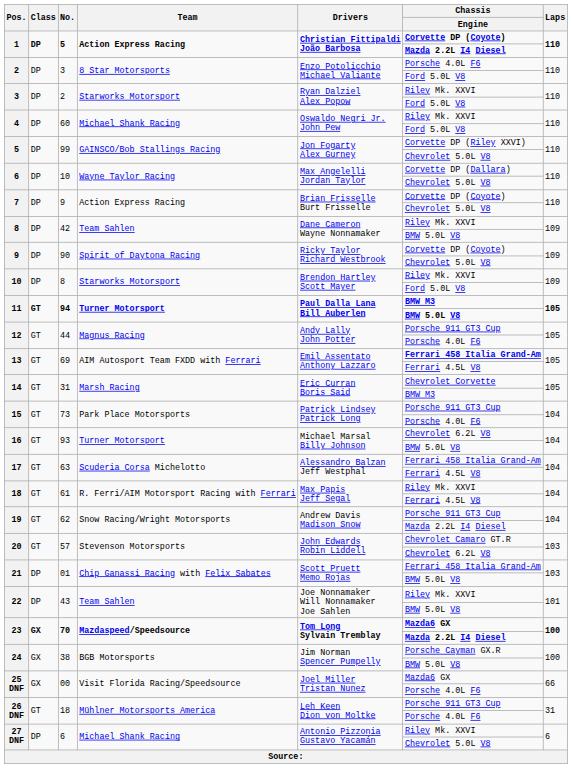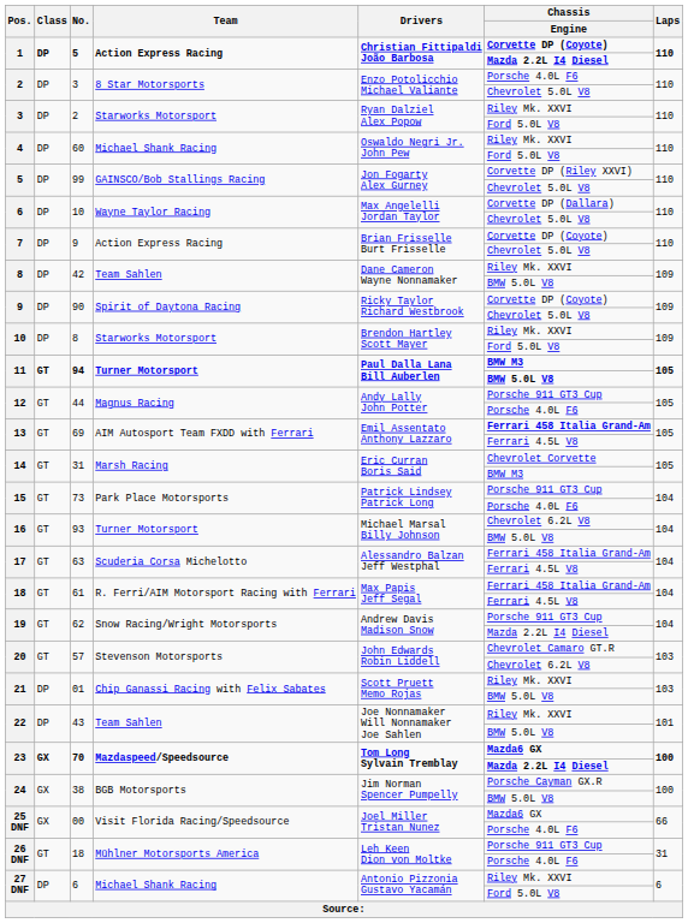 <table class="wikitable" style="font-size: 85%;">
 <tr>
 <th rowspan="2">Pos.</th>
 <th rowspan="2">Class</th>
 <th rowspan="2">No.</th>
 <th rowspan="2">Team</th>
 <th rowspan="2">Drivers</th>
 <th>Chassis</th>
 <th rowspan="2">Laps</th>
 </tr>
 <tr>
 <th>Engine</th>
 </tr>
 <tr>
 <th rowspan="2">1</th>
 <td rowspan="2"><strong>DP</strong></td>
 <td rowspan="2"><strong>5</strong></td>
 <td rowspan="2"><strong> Action Express Racing</strong></td>
 <td rowspan="2"><strong> <a href='#'>Christian Fittipaldi</a><br> <a href='#'>João Barbosa</a></strong></td>
 <td><strong><a href='#'>Corvette</a> DP (<a href='#'>Coyote</a>)</strong></td>
 <td rowspan="2"><strong>110</strong></td>
 </tr>
 <tr>
 <td><strong><a href='#'>Mazda</a> 2.2L <a href='#'>I4</a> <a href='#'>Diesel</a></strong></td>
 </tr>
 <tr>
 <th rowspan="2">2</th>
 <td rowspan="2">DP</td>
 <td rowspan="2">3</td>
 <td rowspan="2"> <a href='#'>8 Star Motorsports</a></td>
 <td rowspan="2"> <a href='#'>Enzo Potolicchio</a><br> <a href='#'>Michael Valiante</a></td>
 <td><a href='#'>Porsche</a> 4.0L <a href='#'>F6</a></td>
 <td rowspan="2">110</td>
 </tr>
 <tr>
-<td><a href='#'>Ford</a> 5.0L <a href='#'>V8</a></td>
+<td><a href='#'>Chevrolet</a> 5.0L <a href='#'>V8</a></td>
 </tr>
 <tr>
 <th rowspan="2">3</th>
 <td rowspan="2">DP</td>
 <td rowspan="2">2</td>
 <td rowspan="2"> <a href='#'>Starworks Motorsport</a></td>
 <td rowspan="2"> <a href='#'>Ryan Dalziel</a><br> <a href='#'>Alex Popow</a></td>
 <td><a href='#'>Riley</a> Mk. XXVI</td>
 <td rowspan="2">110</td>
 </tr>
 <tr>
 <td><a href='#'>Ford</a> 5.0L <a href='#'>V8</a></td>
 </tr>
 <tr>
 <th rowspan="2">4</th>
 <td rowspan="2">DP</td>
 <td rowspan="2">60</td>
 <td rowspan="2"> <a href='#'>Michael Shank Racing</a></td>
 <td rowspan="2"> <a href='#'>Oswaldo Negri Jr.</a><br> <a href='#'>John Pew</a></td>
 <td><a href='#'>Riley</a> Mk. XXVI</td>
 <td rowspan="2">110</td>
 </tr>
 <tr>
 <td><a href='#'>Ford</a> 5.0L <a href='#'>V8</a></td>
 </tr>
 <tr>
 <th rowspan="2">5</th>
 <td rowspan="2">DP</td>
 <td rowspan="2">99</td>
 <td rowspan="2"> <a href='#'>GAINSCO/Bob Stallings Racing</a></td>
 <td rowspan="2"> <a href='#'>Jon Fogarty</a><br> <a href='#'>Alex Gurney</a></td>
 <td><a href='#'>Corvette</a> DP (<a href='#'>Riley</a> XXVI)</td>
 <td rowspan="2">110</td>
 </tr>
 <tr>
 <td><a href='#'>Chevrolet</a> 5.0L <a href='#'>V8</a></td>
 </tr>
 <tr>
 <th rowspan="2">6</th>
 <td rowspan="2">DP</td>
 <td rowspan="2">10</td>
 <td rowspan="2"> <a href='#'>Wayne Taylor Racing</a></td>
 <td rowspan="2"> <a href='#'>Max Angelelli</a><br> <a href='#'>Jordan Taylor</a></td>
 <td><a href='#'>Corvette</a> DP (<a href='#'>Dallara</a>)</td>
 <td rowspan="2">110</td>
 </tr>
 <tr>
 <td><a href='#'>Chevrolet</a> 5.0L <a href='#'>V8</a></td>
 </tr>
 <tr>
 <th rowspan="2">7</th>
 <td rowspan="2">DP</td>
 <td rowspan="2">9</td>
 <td rowspan="2"> Action Express Racing</td>
 <td rowspan="2"> <a href='#'>Brian Frisselle</a><br> Burt Frisselle</td>
 <td><a href='#'>Corvette</a> DP (<a href='#'>Coyote</a>)</td>
 <td rowspan="2">110</td>
 </tr>
 <tr>
 <td><a href='#'>Chevrolet</a> 5.0L <a href='#'>V8</a></td>
 </tr>
 <tr>
 <th rowspan="2">8</th>
 <td rowspan="2">DP</td>
 <td rowspan="2">42</td>
 <td rowspan="2"> <a href='#'>Team Sahlen</a></td>
 <td rowspan="2"> <a href='#'>Dane Cameron</a><br> Wayne Nonnamaker</td>
 <td><a href='#'>Riley</a> Mk. XXVI</td>
 <td rowspan="2">109</td>
 </tr>
 <tr>
 <td><a href='#'>BMW</a> 5.0L <a href='#'>V8</a></td>
 </tr>
 <tr>
 <th rowspan="2">9</th>
 <td rowspan="2">DP</td>
 <td rowspan="2">90</td>
 <td rowspan="2"> <a href='#'>Spirit of Daytona Racing</a></td>
 <td rowspan="2"> <a href='#'>Ricky Taylor</a><br> <a href='#'>Richard Westbrook</a></td>
 <td><a href='#'>Corvette</a> DP (<a href='#'>Coyote</a>)</td>
 <td rowspan="2">109</td>
 </tr>
 <tr>
 <td><a href='#'>Chevrolet</a> 5.0L <a href='#'>V8</a></td>
 </tr>
 <tr>
 <th rowspan="2">10</th>
 <td rowspan="2">DP</td>
 <td rowspan="2">8</td>
 <td rowspan="2"> <a href='#'>Starworks Motorsport</a></td>
 <td rowspan="2"> <a href='#'>Brendon Hartley</a><br> <a href='#'>Scott Mayer</a></td>
 <td><a href='#'>Riley</a> Mk. XXVI</td>
 <td rowspan="2">109</td>
 </tr>
 <tr>
 <td><a href='#'>Ford</a> 5.0L <a href='#'>V8</a></td>
 </tr>
 <tr>
 <th rowspan="2">11</th>
 <td rowspan="2"><strong>GT</strong></td>
 <td rowspan="2"><strong>94</strong></td>
 <td rowspan="2"><strong> <a href='#'>Turner Motorsport</a></strong></td>
 <td rowspan="2"><strong> <a href='#'>Paul Dalla Lana</a><br> <a href='#'>Bill Auberlen</a></strong></td>
 <td><strong><a href='#'>BMW M3</a></strong></td>
 <td rowspan="2"><strong>105</strong></td>
 </tr>
 <tr>
 <td><strong><a href='#'>BMW</a> 5.0L <a href='#'>V8</a></strong></td>
 </tr>
 <tr>
 <th rowspan="2">12</th>
 <td rowspan="2">GT</td>
 <td rowspan="2">44</td>
 <td rowspan="2"> <a href='#'>Magnus Racing</a></td>
 <td rowspan="2"> <a href='#'>Andy Lally</a><br> <a href='#'>John Potter</a></td>
 <td><a href='#'>Porsche 911 GT3 Cup</a></td>
 <td rowspan="2">105</td>
 </tr>
 <tr>
 <td><a href='#'>Porsche</a> 4.0L <a href='#'>F6</a></td>
 </tr>
 <tr>
 <th rowspan="2">13</th>
 <td rowspan="2">GT</td>
 <td rowspan="2">69</td>
 <td rowspan="2"> AIM Autosport Team FXDD with <a href='#'>Ferrari</a></td>
 <td rowspan="2"> <a href='#'>Emil Assentato</a><br> <a href='#'>Anthony Lazzaro</a></td>
 <td><strong><a href='#'>Ferrari 458 Italia Grand-Am</a></strong></td>
 <td rowspan="2">105</td>
 </tr>
 <tr>
 <td><a href='#'>Ferrari</a> 4.5L <a href='#'>V8</a></td>
 </tr>
 <tr>
 <th rowspan="2">14</th>
 <td rowspan="2">GT</td>
 <td rowspan="2">31</td>
 <td rowspan="2"> <a href='#'>Marsh Racing</a></td>
 <td rowspan="2"> <a href='#'>Eric Curran</a><br> <a href='#'>Boris Said</a></td>
 <td><a href='#'>Chevrolet Corvette</a></td>
 <td rowspan="2">105</td>
 </tr>
 <tr>
 <td><a href='#'>BMW M3</a></td>
 </tr>
 <tr>
 <th rowspan="2">15</th>
 <td rowspan="2">GT</td>
 <td rowspan="2">73</td>
 <td rowspan="2"> Park Place Motorsports</td>
 <td rowspan="2"> <a href='#'>Patrick Lindsey</a><br> <a href='#'>Patrick Long</a></td>
 <td><a href='#'>Porsche 911 GT3 Cup</a></td>
 <td rowspan="2">104</td>
 </tr>
 <tr>
 <td><a href='#'>Porsche</a> 4.0L <a href='#'>F6</a></td>
 </tr>
 <tr>
 <th rowspan="2">16</th>
 <td rowspan="2">GT</td>
 <td rowspan="2">93</td>
 <td rowspan="2"> <a href='#'>Turner Motorsport</a></td>
 <td rowspan="2"> Michael Marsal<br> <a href='#'>Billy Johnson</a></td>
 <td><a href='#'>Chevrolet</a> 6.2L <a href='#'>V8</a></td>
 <td rowspan="2">104</td>
 </tr>
 <tr>
 <td><a href='#'>BMW</a> 5.0L <a href='#'>V8</a></td>
 </tr>
 <tr>
 <th rowspan="2">17</th>
 <td rowspan="2">GT</td>
 <td rowspan="2">63</td>
 <td rowspan="2"> <a href='#'>Scuderia Corsa</a> Michelotto</td>
 <td rowspan="2"> <a href='#'>Alessandro Balzan</a><br> Jeff Westphal</td>
 <td><a href='#'>Ferrari 458 Italia Grand-Am</a></td>
 <td rowspan="2">104</td>
 </tr>
 <tr>
 <td><a href='#'>Ferrari</a> 4.5L <a href='#'>V8</a></td>
 </tr>
 <tr>
 <th rowspan="2">18</th>
 <td rowspan="2">GT</td>
 <td rowspan="2">61</td>
 <td rowspan="2"> R. Ferri/AIM Motorsport Racing with <a href='#'>Ferrari</a></td>
 <td rowspan="2"> <a href='#'>Max Papis</a><br> <a href='#'>Jeff Segal</a></td>
-<td><a href='#'>Riley</a> Mk. XXVI</td>
+<td><a href='#'>Ferrari 458 Italia Grand-Am</a></td>
 <td rowspan="2">104</td>
 </tr>
 <tr>
 <td><a href='#'>Ferrari</a> 4.5L <a href='#'>V8</a></td>
 </tr>
 <tr>
 <th rowspan="2">19</th>
 <td rowspan="2">GT</td>
 <td rowspan="2">62</td>
 <td rowspan="2"> Snow Racing/Wright Motorsports</td>
 <td rowspan="2"> Andrew Davis<br> <a href='#'>Madison Snow</a></td>
 <td><a href='#'>Porsche 911 GT3 Cup</a></td>
 <td rowspan="2">104</td>
 </tr>
 <tr>
 <td><a href='#'>Mazda</a> 2.2L <a href='#'>I4</a> <a href='#'>Diesel</a></td>
 </tr>
 <tr>
 <th rowspan="2">20</th>
 <td rowspan="2">GT</td>
 <td rowspan="2">57</td>
 <td rowspan="2"> Stevenson Motorsports</td>
 <td rowspan="2"> <a href='#'>John Edwards</a><br> <a href='#'>Robin Liddell</a></td>
 <td><a href='#'>Chevrolet Camaro</a> GT.R</td>
 <td rowspan="2">103</td>
 </tr>
 <tr>
 <td><a href='#'>Chevrolet</a> 6.2L <a href='#'>V8</a></td>
 </tr>
 <tr>
 <th rowspan="2">21</th>
 <td rowspan="2">DP</td>
 <td rowspan="2">01</td>
 <td rowspan="2"> <a href='#'>Chip Ganassi Racing</a> with <a href='#'>Felix Sabates</a></td>
 <td rowspan="2"> <a href='#'>Scott Pruett</a><br> <a href='#'>Memo Rojas</a></td>
-<td><a href='#'>Ferrari 458 Italia Grand-Am</a></td>
+<td><a href='#'>Riley</a> Mk. XXVI</td>
 <td rowspan="2">103</td>
 </tr>
 <tr>
 <td><a href='#'>BMW</a> 5.0L <a href='#'>V8</a></td>
 </tr>
 <tr>
 <th rowspan="2">22</th>
 <td rowspan="2">DP</td>
 <td rowspan="2">43</td>
 <td rowspan="2"> <a href='#'>Team Sahlen</a></td>
 <td rowspan="2"> Joe Nonnamaker<br> Will Nonnamaker<br> Joe Sahlen</td>
 <td><a href='#'>Riley</a> Mk. XXVI</td>
 <td rowspan="2">101</td>
 </tr>
 <tr>
 <td><a href='#'>BMW</a> 5.0L <a href='#'>V8</a></td>
 </tr>
 <tr>
 <th rowspan="2">23</th>
 <td rowspan="2"><strong>GX</strong></td>
 <td rowspan="2"><strong>70</strong></td>
 <td rowspan="2"><strong> <a href='#'>Mazdaspeed</a>/Speedsource</strong></td>
 <td rowspan="2"><strong> <a href='#'>Tom Long</a><br> Sylvain Tremblay</strong></td>
 <td><strong><a href='#'>Mazda6</a> GX</strong></td>
 <td rowspan="2"><strong>100</strong></td>
 </tr>
 <tr>
 <td><strong><a href='#'>Mazda</a> 2.2L <a href='#'>I4</a> <a href='#'>Diesel</a></strong></td>
 </tr>
 <tr>
 <th rowspan="2">24</th>
 <td rowspan="2">GX</td>
 <td rowspan="2">38</td>
 <td rowspan="2"> BGB Motorsports</td>
 <td rowspan="2"> Jim Norman<br> <a href='#'>Spencer Pumpelly</a></td>
 <td><a href='#'>Porsche Cayman</a> GX.R</td>
 <td rowspan="2">100</td>
 </tr>
 <tr>
 <td><a href='#'>BMW</a> 5.0L <a href='#'>V8</a></td>
 </tr>
 <tr>
 <th rowspan="2">25<br>DNF</th>
 <td rowspan="2">GX</td>
 <td rowspan="2">00</td>
 <td rowspan="2"> Visit Florida Racing/Speedsource</td>
 <td rowspan="2"> <a href='#'>Joel Miller</a><br> <a href='#'>Tristan Nunez</a></td>
 <td><a href='#'>Mazda6</a> GX</td>
 <td rowspan="2">66</td>
 </tr>
 <tr>
 <td><a href='#'>Porsche</a> 4.0L <a href='#'>F6</a></td>
 </tr>
 <tr>
 <th rowspan="2">26<br>DNF</th>
 <td rowspan="2">GT</td>
 <td rowspan="2">18</td>
 <td rowspan="2"> <a href='#'>Mühlner Motorsports America</a></td>
 <td rowspan="2"> <a href='#'>Leh Keen</a><br> <a href='#'>Dion von Moltke</a></td>
 <td><a href='#'>Porsche 911 GT3 Cup</a></td>
 <td rowspan="2">31</td>
 </tr>
 <tr>
 <td><a href='#'>Porsche</a> 4.0L <a href='#'>F6</a></td>
 </tr>
 <tr>
 <th rowspan="2">27<br>DNF</th>
 <td rowspan="2">DP</td>
 <td rowspan="2">6</td>
 <td rowspan="2"> <a href='#'>Michael Shank Racing</a></td>
 <td rowspan="2"> <a href='#'>Antonio Pizzonia</a><br> <a href='#'>Gustavo Yacamán</a></td>
 <td><a href='#'>Riley</a> Mk. XXVI</td>
 <td rowspan="2">6</td>
 </tr>
 <tr>
-<td><a href='#'>Chevrolet</a> 5.0L <a href='#'>V8</a></td>
+<td><a href='#'>Ford</a> 5.0L <a href='#'>V8</a></td>
 </tr>
 <tr>
 <th colspan="7">Source:</th>
 </tr>
 </table>
